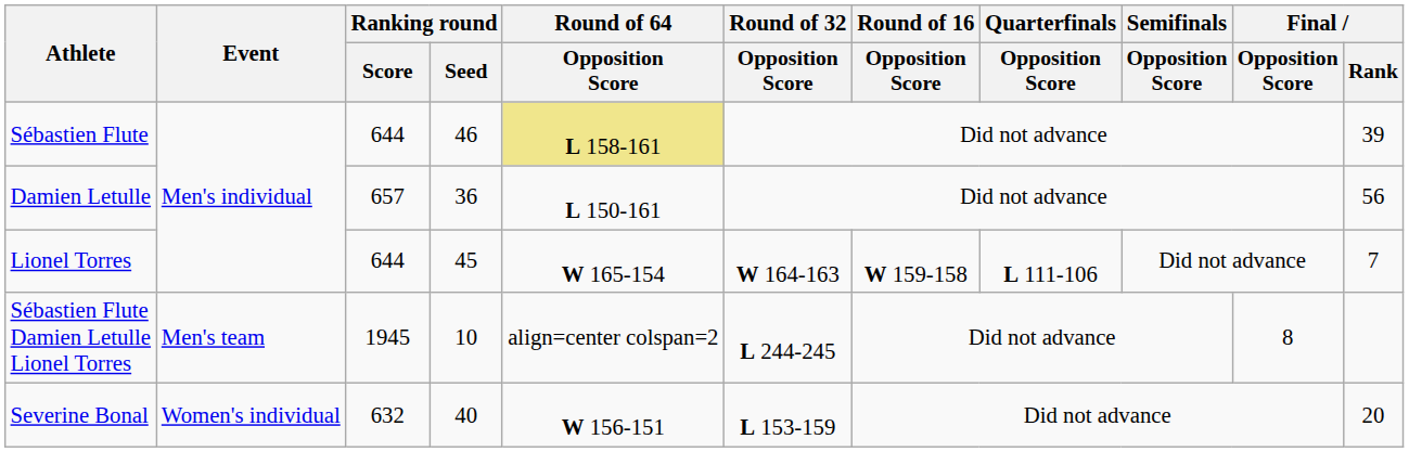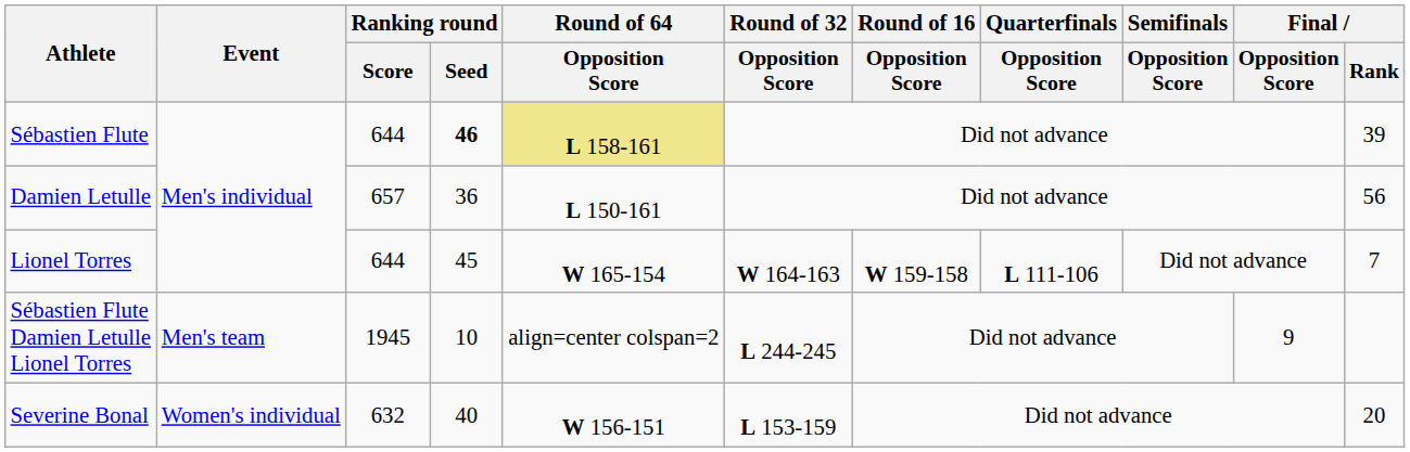 <table class="wikitable" style="font-size:90%">
 <tr>
 <th rowspan="2">Athlete</th>
 <th rowspan="2">Event</th>
 <th colspan="2">Ranking round</th>
 <th>Round of 64</th>
 <th>Round of 32</th>
 <th>Round of 16</th>
 <th>Quarterfinals</th>
 <th>Semifinals</th>
 <th colspan="2">Final / </th>
 </tr>
 <tr style="font-size:95%">
 <th>Score</th>
 <th>Seed</th>
 <th>Opposition<br>Score</th>
 <th>Opposition<br>Score</th>
 <th>Opposition<br>Score</th>
 <th>Opposition<br>Score</th>
 <th>Opposition<br>Score</th>
 <th>Opposition<br>Score</th>
 <th>Rank</th>
 </tr>
 <tr align=center>
 <td align=left><a href='#'>Sébastien Flute</a></td>
 <td align=left rowspan=3><a href='#'>Men's individual</a></td>
 <td>644</td>
-<td>46</td>
+<td><strong>46</strong></td>
 <td style="background: khaki;"><br><strong>L</strong> 158-161</td>
 <td colspan=5 align=center>Did not advance</td>
 <td>39</td>
 </tr>
 <tr align=center>
 <td align=left><a href='#'>Damien Letulle</a></td>
 <td>657</td>
 <td>36</td>
 <td><br><strong>L</strong> 150-161</td>
 <td colspan=5 align=center>Did not advance</td>
 <td>56</td>
 </tr>
 <tr align=center>
 <td align=left><a href='#'>Lionel Torres</a></td>
 <td>644</td>
 <td>45</td>
 <td><br><strong>W</strong> 165-154</td>
 <td><br><strong>W</strong> 164-163</td>
 <td><br><strong>W</strong> 159-158</td>
 <td><br><strong>L</strong> 111-106</td>
 <td colspan=2>Did not advance</td>
 <td>7</td>
 </tr>
 <tr align=center>
 <td align=left><a href='#'>Sébastien Flute</a><br><a href='#'>Damien Letulle</a><br><a href='#'>Lionel Torres</a></td>
 <td align=left><a href='#'>Men's team</a></td>
 <td>1945</td>
 <td>10</td>
 <td>align=center colspan=2 </td>
 <td align=center><br><strong>L</strong> 244-245</td>
 <td align=center colspan=3>Did not advance</td>
-<td>8</td>
+<td>9</td>
 </tr>
 <tr align=center>
 <td align=left><a href='#'>Severine Bonal</a></td>
 <td align=left rowspan=3><a href='#'>Women's individual</a></td>
 <td>632</td>
 <td>40</td>
 <td><br><strong>W</strong> 156-151</td>
 <td><br><strong>L</strong> 153-159</td>
 <td colspan=4 align=center>Did not advance</td>
 <td>20</td>
 </tr>
 </table>
